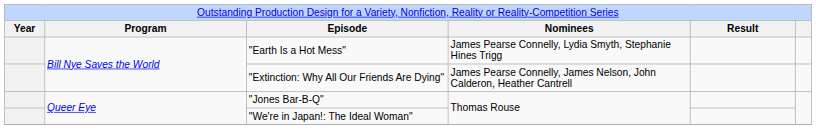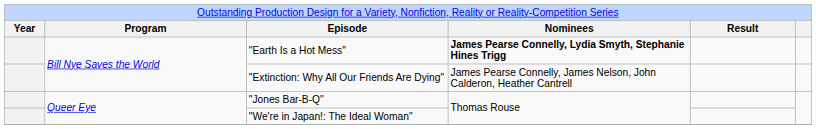 <table class="wikitable plainrowheaders" style="font-size: 90%" width=90%>
 <tr ---- bgcolor="#bfd7ff">
 <td colspan=6 align=center><a href='#'>Outstanding Production Design for a Variety, Nonfiction, Reality or Reality-Competition Series</a></td>
 </tr>
 <tr ---- bgcolor="#ebf5ff">
 <th width="5%">Year</th>
 <th width="25%">Program</th>
 <th width="25%">Episode</th>
 <th width="30%">Nominees</th>
 <th width="13%">Result</th>
 <th width="5%"></th>
 </tr>
 <tr>
 <th scope=row></th>
 <td rowspan="2"><em><a href='#'>Bill Nye Saves the World</a></em></td>
 <td>"Earth Is a Hot Mess"</td>
-<td>James Pearse Connelly, Lydia Smyth, Stephanie Hines Trigg</td>
+<td><strong>James Pearse Connelly, Lydia Smyth, Stephanie Hines Trigg</strong></td>
 <td></td>
 <td></td>
 </tr>
 <tr>
 <th scope=row></th>
 <td>"Extinction: Why All Our Friends Are Dying"</td>
 <td>James Pearse Connelly, James Nelson, John Calderon, Heather Cantrell</td>
 <td></td>
 <td></td>
 </tr>
 <tr>
 <th scope=row></th>
 <td rowspan="2"><em><a href='#'>Queer Eye</a></em></td>
 <td>"Jones Bar-B-Q"</td>
 <td rowspan="2">Thomas Rouse</td>
 <td></td>
 <td rowspan="2"></td>
 </tr>
 <tr>
 <th scope=row></th>
 <td>"We're in Japan!: The Ideal Woman"</td>
 <td></td>
 </tr>
 <tr>
 </tr>
 </table>
